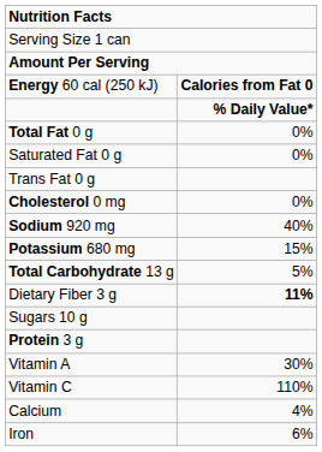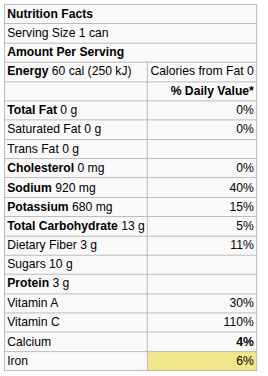 <table class="wikitable">
 <tr>
 <td colspan="2"><strong>Nutrition Facts</strong></td>
 </tr>
 <tr>
 <td colspan="2">Serving Size 1 can</td>
 </tr>
 <tr>
 <td colspan="2"><strong>Amount Per Serving</strong></td>
 </tr>
 <tr>
 <td><strong>Energy</strong> 60 cal (250 kJ)</td>
-<td align="right"><strong>Calories from Fat 0</strong></td>
+<td align="right">Calories from Fat 0</td>
 </tr>
 <tr>
 <td></td>
 <td align="right"><strong>% Daily Value*</strong></td>
 </tr>
 <tr>
 <td><strong>Total Fat</strong> 0 g</td>
 <td align="right">0%</td>
 </tr>
 <tr>
 <td>Saturated Fat 0 g</td>
 <td align="right">0%</td>
 </tr>
 <tr>
 <td>Trans Fat 0 g</td>
 <td></td>
 </tr>
 <tr>
 <td><strong>Cholesterol</strong> 0 mg</td>
 <td align="right">0%</td>
 </tr>
 <tr>
 <td><strong>Sodium</strong> 920 mg</td>
 <td align="right">40%</td>
 </tr>
 <tr>
 <td><strong>Potassium</strong> 680 mg</td>
 <td align="right">15%</td>
 </tr>
 <tr>
 <td><strong>Total Carbohydrate</strong> 13 g</td>
 <td align="right">5%</td>
 </tr>
 <tr>
 <td>Dietary Fiber 3 g</td>
-<td align="right"><strong>11%</strong></td>
+<td align="right">11%</td>
 </tr>
 <tr>
 <td>Sugars 10 g</td>
 <td></td>
 </tr>
 <tr>
 <td><strong>Protein</strong> 3 g</td>
 <td></td>
 </tr>
 <tr>
 <td>Vitamin A</td>
 <td align="right">30%</td>
 </tr>
 <tr>
 <td>Vitamin C</td>
 <td align="right">110%</td>
 </tr>
 <tr>
 <td>Calcium</td>
-<td align="right">4%</td>
+<td align="right"><strong>4%</strong></td>
 </tr>
 <tr>
 <td>Iron</td>
-<td align="right">6%</td>
+<td align="right" style="background: khaki;">6%</td>
 </tr>
 </table>
